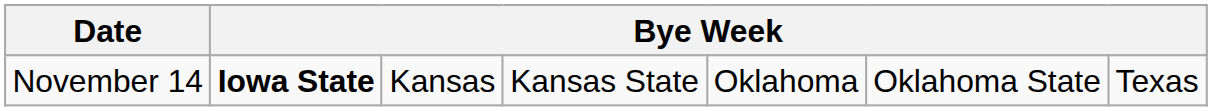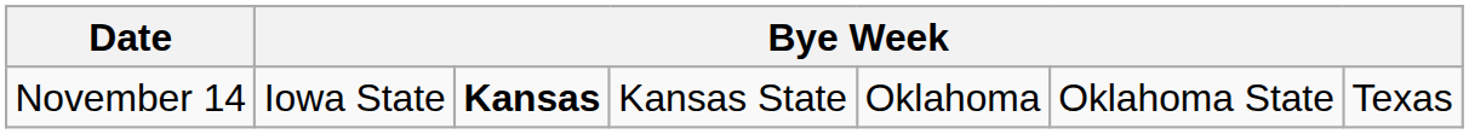 <table class="wikitable" style="font-size:95%">
 <tr>
 <th>Date</th>
 <th colspan="6">Bye Week</th>
 </tr>
 <tr>
 <td>November 14</td>
-<td><strong>Iowa State</strong></td>
-<td>Kansas</td>
+<td>Iowa State</td>
+<td><strong>Kansas</strong></td>
 <td>Kansas State</td>
 <td>Oklahoma</td>
 <td>Oklahoma State</td>
 <td>Texas</td>
 </tr>
 </table>
